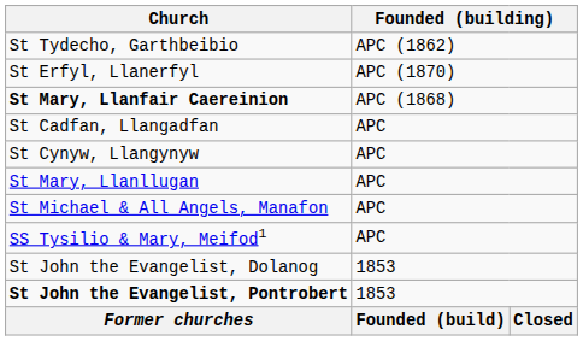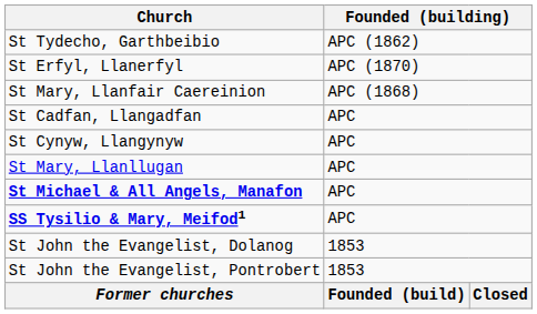 <table class="wikitable">
 <tr>
 <th>Church</th>
 <th colspan="2">Founded (building)</th>
 </tr>
 <tr>
 <td>St Tydecho, Garthbeibio</td>
 <td colspan="2">APC (1862)</td>
 </tr>
 <tr>
 <td>St Erfyl, Llanerfyl</td>
 <td colspan="2">APC (1870)</td>
 </tr>
 <tr>
-<td><strong>St Mary, Llanfair Caereinion</strong></td>
+<td>St Mary, Llanfair Caereinion</td>
 <td colspan="2">APC (1868)</td>
 </tr>
 <tr>
 <td>St Cadfan, Llangadfan</td>
 <td colspan="2">APC</td>
 </tr>
 <tr>
 <td>St Cynyw, Llangynyw</td>
 <td colspan="2">APC</td>
 </tr>
 <tr>
 <td><a href='#'>St Mary, Llanllugan</a></td>
 <td colspan="2">APC</td>
 </tr>
 <tr>
-<td><a href='#'>St Michael & All Angels, Manafon</a></td>
+<td><strong><a href='#'>St Michael & All Angels, Manafon</a></strong></td>
 <td colspan="2">APC</td>
 </tr>
 <tr>
-<td><a href='#'>SS Tysilio & Mary, Meifod</a><sup>1</sup></td>
+<td><strong><a href='#'>SS Tysilio & Mary, Meifod</a><sup>1</sup></strong></td>
 <td colspan="2">APC</td>
 </tr>
 <tr>
 <td>St John the Evangelist, Dolanog</td>
 <td colspan="2">1853</td>
 </tr>
 <tr>
-<td><strong>St John the Evangelist, Pontrobert</strong></td>
+<td>St John the Evangelist, Pontrobert</td>
 <td colspan="2">1853</td>
 </tr>
 <tr>
 <th><em>Former churches</em></th>
 <th>Founded (build)</th>
 <th>Closed</th>
 </tr>
 </table>
